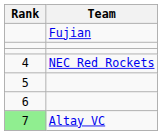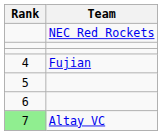 <table class="wikitable" style="text-align: center;">
 <tr>
 <th width=40>Rank</th>
 <th>Team</th>
 </tr>
 <tr bgcolor=>
 <td></td>
-<td align=left> <a href='#'>Fujian</a></td>
+<td align=left> <a href='#'>NEC Red Rockets</a></td>
 </tr>
 <tr>
 <td></td>
 <td align=left></td>
 </tr>
 <tr>
 <td></td>
 <td align=left></td>
 </tr>
 <tr>
 <td>4</td>
-<td align=left> <a href='#'>NEC Red Rockets</a></td>
+<td align=left> <a href='#'>Fujian</a></td>
 </tr>
 <tr>
 <td>5</td>
 <td align=left></td>
 </tr>
 <tr>
 <td>6</td>
 <td align=left></td>
 </tr>
 <tr>
 <td style="background: lightgreen;">7</td>
 <td align=left> <a href='#'>Altay VC</a></td>
 </tr>
 </table>
